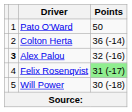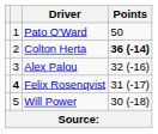 <table class="wikitable" style="font-size: 95%;">
 <tr>
 <th scope="col"></th>
 <th scope="col"></th>
 <th scope="col">Driver</th>
 <th scope="col">Points</th>
 </tr>
 <tr>
 <td align="left"></td>
 <td align="center">1</td>
 <td> <a href='#'>Pato O'Ward</a></td>
 <td align="left">50</td>
 </tr>
 <tr>
 <td align="left"></td>
 <td align="center">2</td>
 <td> <a href='#'>Colton Herta</a></td>
-<td align="left">36 (-14)</td>
+<td align="left"><strong>36 (-14)</strong></td>
 </tr>
 <tr>
 <td align="left"></td>
-<td align="center"><strong>3</strong></td>
+<td align="center">3</td>
 <td> <a href='#'>Alex Palou</a></td>
 <td align="left">32 (-16)</td>
 </tr>
 <tr>
 <td align="left"></td>
-<td align="center">4</td>
+<td align="center"><strong>4</strong></td>
 <td> <a href='#'>Felix Rosenqvist</a></td>
-<td align="left" style="background: lightgreen;">31 (-17)</td>
+<td align="left">31 (-17)</td>
 </tr>
 <tr>
 <td align="left"></td>
 <td align="center">5</td>
 <td> <a href='#'>Will Power</a></td>
 <td align="left">30 (-18)</td>
 </tr>
 <tr>
 <th colspan=4>Source:</th>
 </tr>
 </table>
